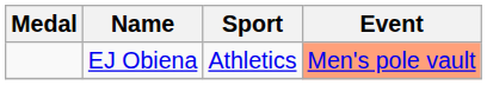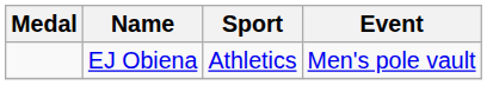 <table class="wikitable sortable"  style="font-size:95%">
 <tr>
 <th>Medal</th>
 <th>Name</th>
 <th>Sport</th>
 <th>Event</th>
 </tr>
 <tr>
 <td></td>
 <td><a href='#'>EJ Obiena</a></td>
 <td><a href='#'>Athletics</a></td>
-<td style="background: lightsalmon;"><a href='#'>Men's pole vault</a></td>
+<td><a href='#'>Men's pole vault</a></td>
 </tr>
 <tr>
 </tr>
 </table>
